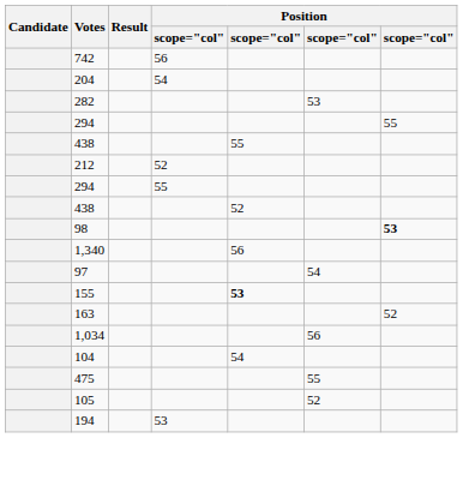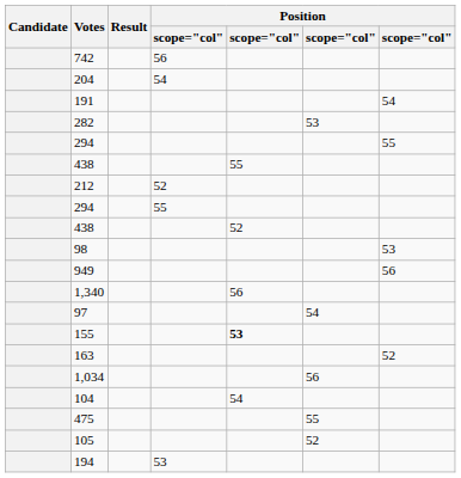 <table class="wikitable sortable defaultright col3left">
 <tr>
 <th scope="col" rowspan="2">Candidate</th>
 <th scope="col" rowspan="2">Votes</th>
 <th scope="col" rowspan="2">Result</th>
 <th scope="col" colspan="4">Position</th>
 </tr>
 <tr>
 <th>scope="col" </th>
 <th>scope="col" </th>
 <th>scope="col" </th>
 <th>scope="col" </th>
 </tr>
 <tr>
 <th scope="row"></th>
 <td>742</td>
 <td></td>
 <td>56</td>
 <td></td>
 <td></td>
 <td></td>
 </tr>
 <tr>
 <th scope="row"></th>
 <td>204</td>
 <td></td>
 <td>54</td>
 <td></td>
 <td></td>
 <td></td>
+</tr>
+<tr>
+<th scope="row"></th>
+<td>191</td>
+<td></td>
+<td></td>
+<td></td>
+<td></td>
+<td>54</td>
 </tr>
 <tr>
 <th scope="row"></th>
 <td>282</td>
 <td></td>
 <td></td>
 <td></td>
 <td>53</td>
 <td></td>
 </tr>
 <tr>
 <th scope="row"></th>
 <td>294</td>
 <td></td>
 <td></td>
 <td></td>
 <td></td>
 <td>55</td>
 </tr>
 <tr>
 <th scope="row"></th>
 <td>438</td>
 <td></td>
 <td></td>
 <td>55</td>
 <td></td>
 <td></td>
 </tr>
 <tr>
 <th scope="row"></th>
 <td>212</td>
 <td></td>
 <td>52</td>
 <td></td>
 <td></td>
 <td></td>
 </tr>
 <tr>
 <th scope="row"></th>
 <td>294</td>
 <td></td>
 <td>55</td>
 <td></td>
 <td></td>
 <td></td>
 </tr>
 <tr>
 <th scope="row"></th>
 <td>438</td>
 <td></td>
 <td></td>
 <td>52</td>
 <td></td>
 <td></td>
 </tr>
 <tr>
 <th scope="row"></th>
 <td>98</td>
 <td></td>
 <td></td>
 <td></td>
 <td></td>
-<td><strong>53</strong></td>
+<td>53</td>
+</tr>
+<tr>
+<th scope="row"></th>
+<td>949</td>
+<td></td>
+<td></td>
+<td></td>
+<td></td>
+<td>56</td>
 </tr>
 <tr>
 <th scope="row"></th>
 <td>1,340</td>
 <td></td>
 <td></td>
 <td>56</td>
 <td></td>
 <td></td>
 </tr>
 <tr>
 <th scope="row"></th>
 <td>97</td>
 <td></td>
 <td></td>
 <td></td>
 <td>54</td>
 <td></td>
 </tr>
 <tr>
 <th scope="row"></th>
 <td>155</td>
 <td></td>
 <td></td>
 <td><strong>53</strong></td>
 <td></td>
 <td></td>
 </tr>
 <tr>
 <th scope="row"></th>
 <td>163</td>
 <td></td>
 <td></td>
 <td></td>
 <td></td>
 <td>52</td>
 </tr>
 <tr>
 <th scope="row"></th>
 <td>1,034</td>
 <td></td>
 <td></td>
 <td></td>
 <td>56</td>
 <td></td>
 </tr>
 <tr>
 <th scope="row"></th>
 <td>104</td>
 <td></td>
 <td></td>
 <td>54</td>
 <td></td>
 <td></td>
 </tr>
 <tr>
 <th scope="row"></th>
 <td>475</td>
 <td></td>
 <td></td>
 <td></td>
 <td>55</td>
 <td></td>
 </tr>
 <tr>
 <th scope="row"></th>
 <td>105</td>
 <td></td>
 <td></td>
 <td></td>
 <td>52</td>
 <td></td>
 </tr>
 <tr>
 <th scope="row"></th>
 <td>194</td>
 <td></td>
 <td>53</td>
 <td></td>
 <td></td>
 <td></td>
 </tr>
 </table>
